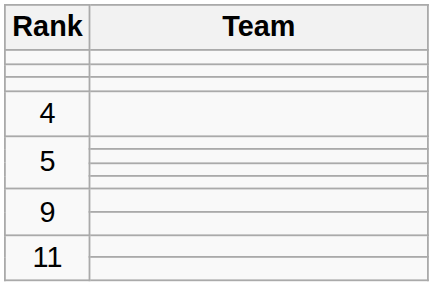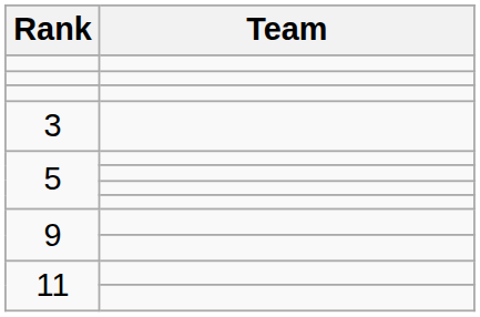 <table class="wikitable" style="text-align:center;">
 <tr>
 <th width=40>Rank</th>
 <th width=180>Team</th>
 </tr>
 <tr>
 <td></td>
 <td style="text-align:left;"></td>
 </tr>
 <tr>
 <td></td>
 <td style="text-align:left;"></td>
 </tr>
 <tr>
 <td></td>
 <td style="text-align:left;"></td>
 </tr>
 <tr>
-<td>4</td>
+<td>3</td>
 <td style="text-align:left;"></td>
 </tr>
 <tr>
 <td rowspan=4>5</td>
 <td style="text-align:left;"></td>
 </tr>
 <tr>
 <td style="text-align:left;"></td>
 </tr>
 <tr>
 <td style="text-align:left;"></td>
 </tr>
 <tr>
 <td style="text-align:left;"></td>
 </tr>
 <tr>
 <td rowspan=2>9</td>
 <td style="text-align:left;"></td>
 </tr>
 <tr>
 <td style="text-align:left;"></td>
 </tr>
 <tr>
 <td rowspan=2>11</td>
 <td style="text-align:left;"></td>
 </tr>
 <tr>
 <td style="text-align:left;"></td>
 </tr>
 </table>
